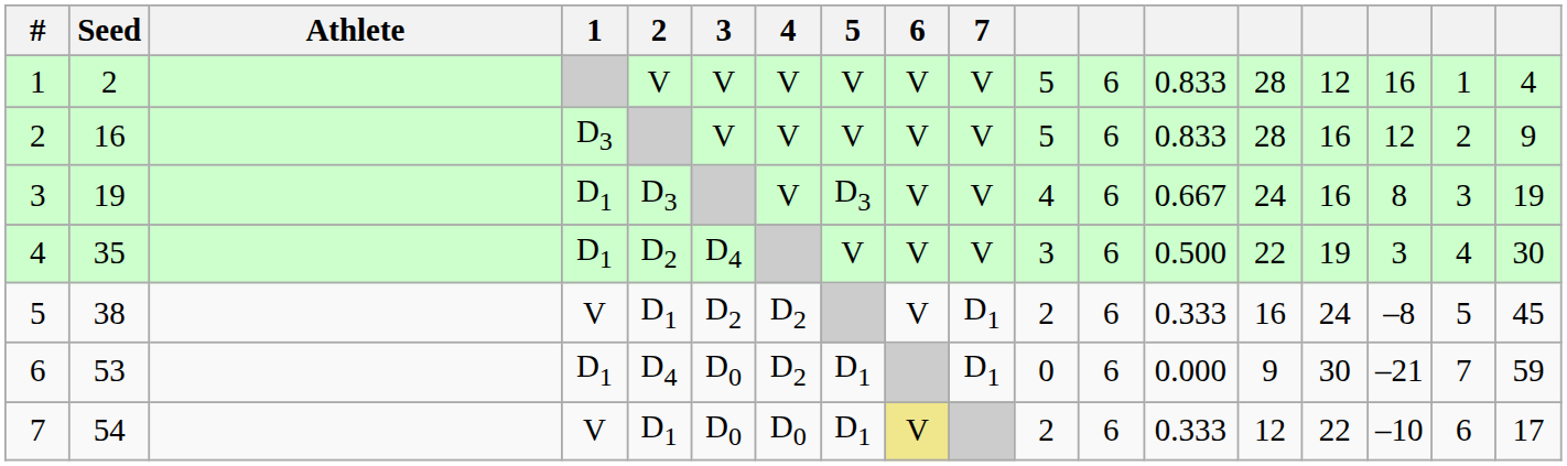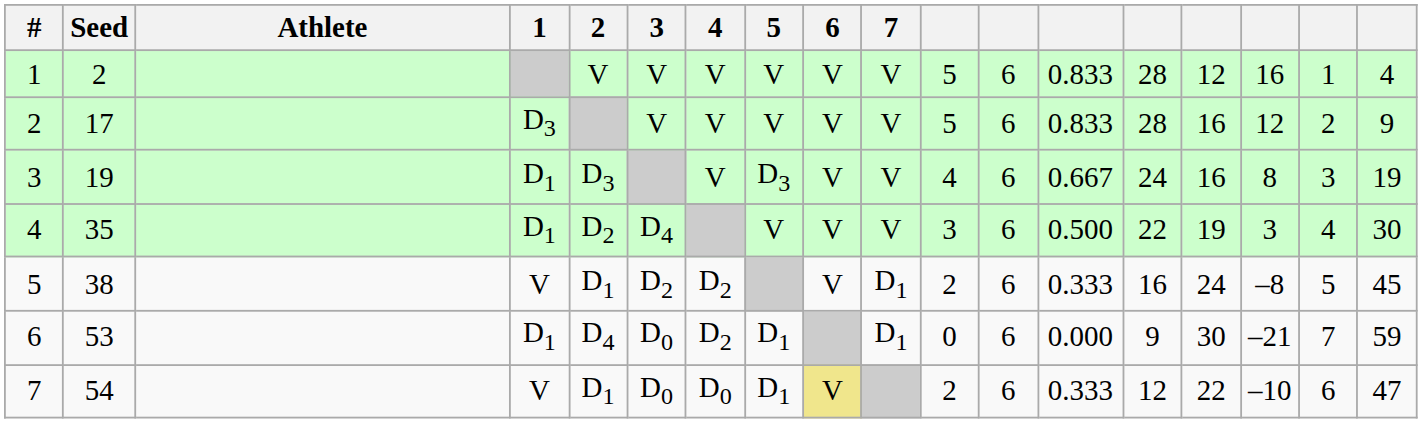 <table class="wikitable" style="text-align:center">
 <tr>
 <th width="25">#</th>
 <th width="25">Seed</th>
 <th width="200">Athlete</th>
 <th width="25">1</th>
 <th width="25">2</th>
 <th width="25">3</th>
 <th width="25">4</th>
 <th width="25">5</th>
 <th width="25">6</th>
 <th width="25">7</th>
 <th width="25"></th>
 <th width="25"></th>
 <th width="40"></th>
 <th width="25"></th>
 <th width="25"></th>
 <th width="25"></th>
 <th width="25"></th>
 <th width="25"></th>
 </tr>
 <tr bgcolor="#ccffcc">
 <td>1</td>
 <td>2</td>
 <td align=left></td>
 <td bgcolor="#cccccc"></td>
 <td>V</td>
 <td>V</td>
 <td>V</td>
 <td>V</td>
 <td>V</td>
 <td>V</td>
 <td>5</td>
 <td>6</td>
 <td>0.833</td>
 <td>28</td>
 <td>12</td>
 <td>16</td>
 <td>1</td>
 <td>4</td>
 </tr>
 <tr bgcolor="#ccffcc">
 <td>2</td>
-<td>16</td>
+<td>17</td>
 <td align=left></td>
 <td>D<sub>3</sub></td>
 <td bgcolor="#cccccc"></td>
 <td>V</td>
 <td>V</td>
 <td>V</td>
 <td>V</td>
 <td>V</td>
 <td>5</td>
 <td>6</td>
 <td>0.833</td>
 <td>28</td>
 <td>16</td>
 <td>12</td>
 <td>2</td>
 <td>9</td>
 </tr>
 <tr bgcolor="#ccffcc">
 <td>3</td>
 <td>19</td>
 <td align=left></td>
 <td>D<sub>1</sub></td>
 <td>D<sub>3</sub></td>
 <td bgcolor="#cccccc"></td>
 <td>V</td>
 <td>D<sub>3</sub></td>
 <td>V</td>
 <td>V</td>
 <td>4</td>
 <td>6</td>
 <td>0.667</td>
 <td>24</td>
 <td>16</td>
 <td>8</td>
 <td>3</td>
 <td>19</td>
 </tr>
 <tr bgcolor="#ccffcc">
 <td>4</td>
 <td>35</td>
 <td align=left></td>
 <td>D<sub>1</sub></td>
 <td>D<sub>2</sub></td>
 <td>D<sub>4</sub></td>
 <td bgcolor="#cccccc"></td>
 <td>V</td>
 <td>V</td>
 <td>V</td>
 <td>3</td>
 <td>6</td>
 <td>0.500</td>
 <td>22</td>
 <td>19</td>
 <td>3</td>
 <td>4</td>
 <td>30</td>
 </tr>
 <tr>
 <td>5</td>
 <td>38</td>
 <td align=left></td>
 <td>V</td>
 <td>D<sub>1</sub></td>
 <td>D<sub>2</sub></td>
 <td>D<sub>2</sub></td>
 <td bgcolor="#cccccc"></td>
 <td>V</td>
 <td>D<sub>1</sub></td>
 <td>2</td>
 <td>6</td>
 <td>0.333</td>
 <td>16</td>
 <td>24</td>
 <td>–8</td>
 <td>5</td>
 <td>45</td>
 </tr>
 <tr>
 <td>6</td>
 <td>53</td>
 <td align=left></td>
 <td>D<sub>1</sub></td>
 <td>D<sub>4</sub></td>
 <td>D<sub>0</sub></td>
 <td>D<sub>2</sub></td>
 <td>D<sub>1</sub></td>
 <td bgcolor="#cccccc"></td>
 <td>D<sub>1</sub></td>
 <td>0</td>
 <td>6</td>
 <td>0.000</td>
 <td>9</td>
 <td>30</td>
 <td>–21</td>
 <td>7</td>
 <td>59</td>
 </tr>
 <tr>
 <td>7</td>
 <td>54</td>
 <td align=left></td>
 <td>V</td>
 <td>D<sub>1</sub></td>
 <td>D<sub>0</sub></td>
 <td>D<sub>0</sub></td>
 <td>D<sub>1</sub></td>
 <td style="background: khaki;">V</td>
 <td bgcolor="#cccccc"></td>
 <td>2</td>
 <td>6</td>
 <td>0.333</td>
 <td>12</td>
 <td>22</td>
 <td>–10</td>
 <td>6</td>
-<td>17</td>
+<td>47</td>
 </tr>
 </table>
